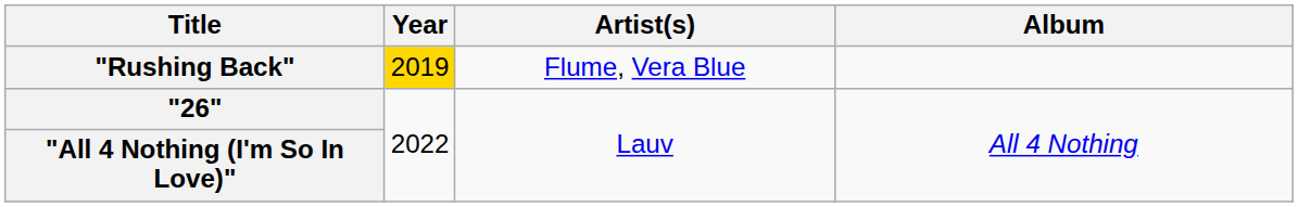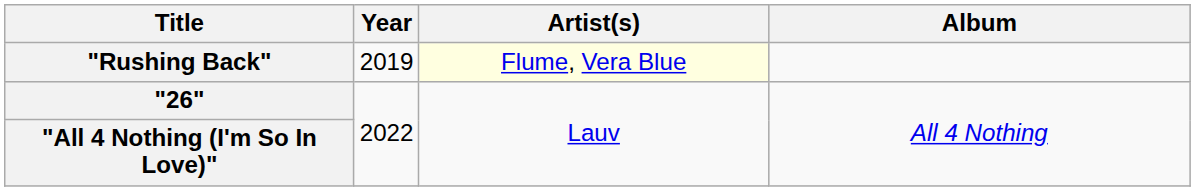 <table class="wikitable plainrowheaders" style="text-align:center;">
 <tr>
 <th scope="col" style="width:14em;">Title</th>
 <th scope="col" style="width:1em;">Year</th>
 <th scope="col" style="width:14em;">Artist(s)</th>
 <th scope="col" style="width:17em;">Album</th>
 </tr>
 <tr>
 <th scope="row">"Rushing Back"</th>
-<td style="background: gold;">2019</td>
-<td><a href='#'>Flume</a>, <a href='#'>Vera Blue</a></td>
+<td>2019</td>
+<td style="background: lightyellow;"><a href='#'>Flume</a>, <a href='#'>Vera Blue</a></td>
 <td></td>
 </tr>
 <tr>
 <th scope="row">"26"</th>
 <td rowspan="2">2022</td>
 <td rowspan="2"><a href='#'>Lauv</a></td>
 <td rowspan="2"><em><a href='#'>All 4 Nothing</a></em></td>
 </tr>
 <tr>
 <th scope="row">"All 4 Nothing (I'm So In Love)"</th>
 </tr>
 </table>
